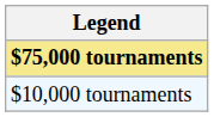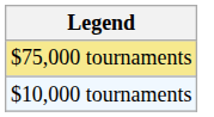 <table class=wikitable style="font-size:85%;">
 <tr>
 <th>Legend</th>
 </tr>
 <tr style="background:#f7e98e;">
-<td><strong>$75,000 tournaments</strong></td>
+<td>$75,000 tournaments</td>
 </tr>
 <tr style="background:#f0f8ff;">
 <td>$10,000 tournaments</td>
 </tr>
 </table>
